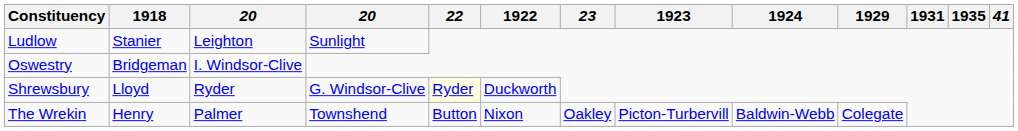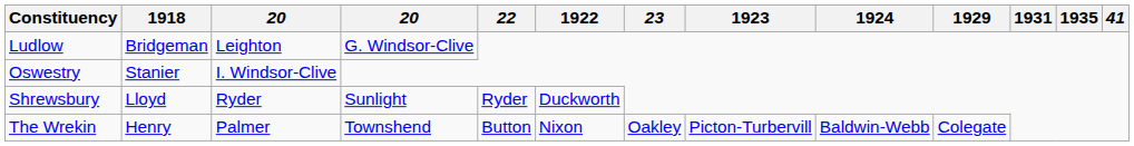 <table class="wikitable">
 <tr>
 <th>Constituency</th>
 <th>1918</th>
 <th><em>20</em></th>
 <th><em>20</em></th>
 <th><em>22</em></th>
 <th>1922</th>
 <th><em>23</em></th>
 <th>1923</th>
 <th>1924</th>
 <th>1929</th>
 <th>1931</th>
 <th>1935</th>
 <th><em>41</em></th>
 </tr>
 <tr>
 <td><a href='#'>Ludlow</a></td>
-<td><a href='#'>Stanier</a></td>
+<td><a href='#'>Bridgeman</a></td>
 <td><a href='#'>Leighton</a></td>
-<td><a href='#'>Sunlight</a></td>
+<td><a href='#'>G. Windsor-Clive</a></td>
 </tr>
 <tr>
 <td><a href='#'>Oswestry</a></td>
-<td><a href='#'>Bridgeman</a></td>
+<td><a href='#'>Stanier</a></td>
 <td><a href='#'>I. Windsor-Clive</a></td>
 </tr>
 <tr>
 <td><a href='#'>Shrewsbury</a></td>
 <td><a href='#'>Lloyd</a></td>
 <td><a href='#'>Ryder</a></td>
-<td><a href='#'>G. Windsor-Clive</a></td>
-<td style="background: lightyellow;"><a href='#'>Ryder</a></td>
+<td><a href='#'>Sunlight</a></td>
+<td><a href='#'>Ryder</a></td>
 <td><a href='#'>Duckworth</a></td>
 </tr>
 <tr>
 <td><a href='#'>The Wrekin</a></td>
 <td><a href='#'>Henry</a></td>
 <td><a href='#'>Palmer</a></td>
 <td><a href='#'>Townshend</a></td>
 <td><a href='#'>Button</a></td>
 <td><a href='#'>Nixon</a></td>
 <td><a href='#'>Oakley</a></td>
 <td><a href='#'>Picton-Turbervill</a></td>
 <td><a href='#'>Baldwin-Webb</a></td>
 <td><a href='#'>Colegate</a></td>
 </tr>
 </table>
